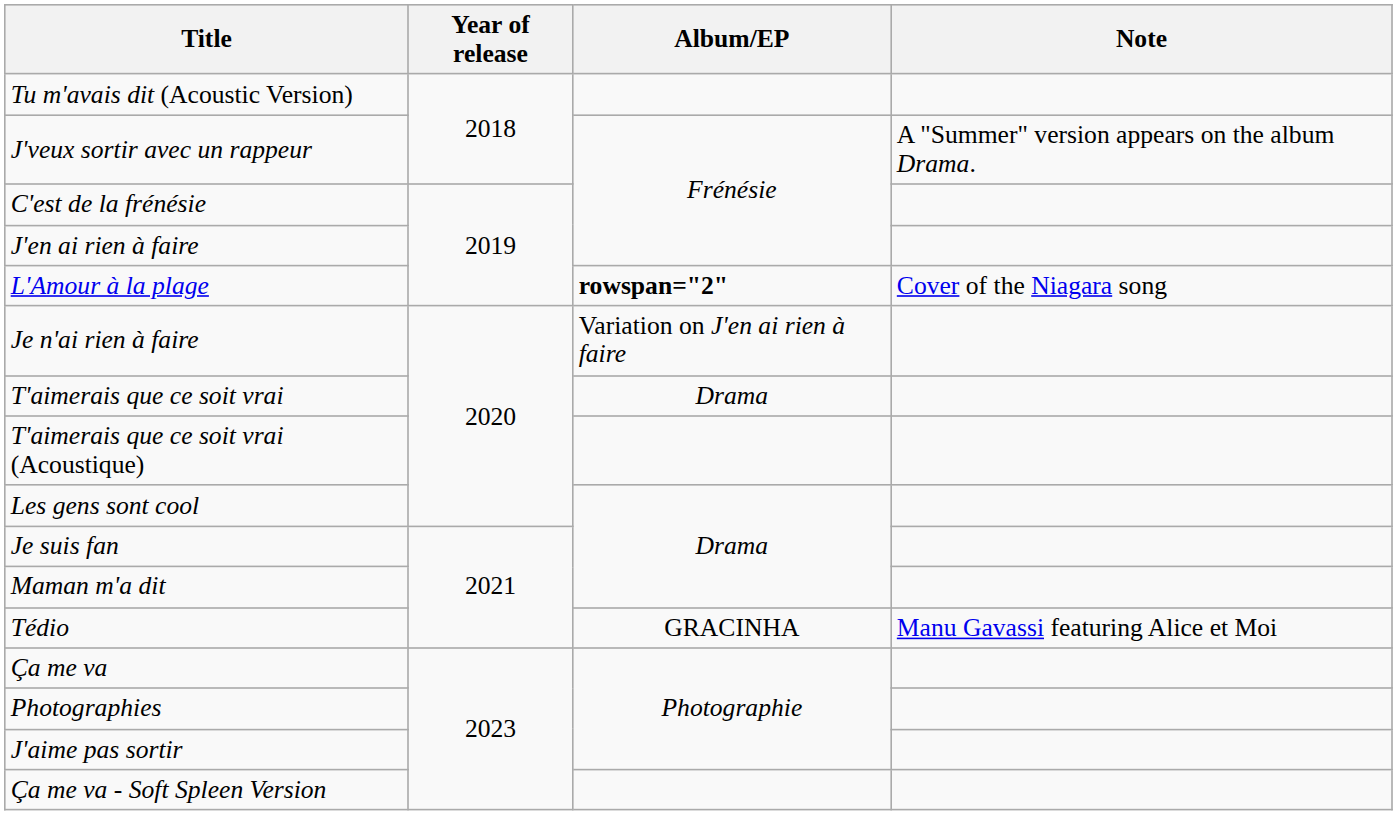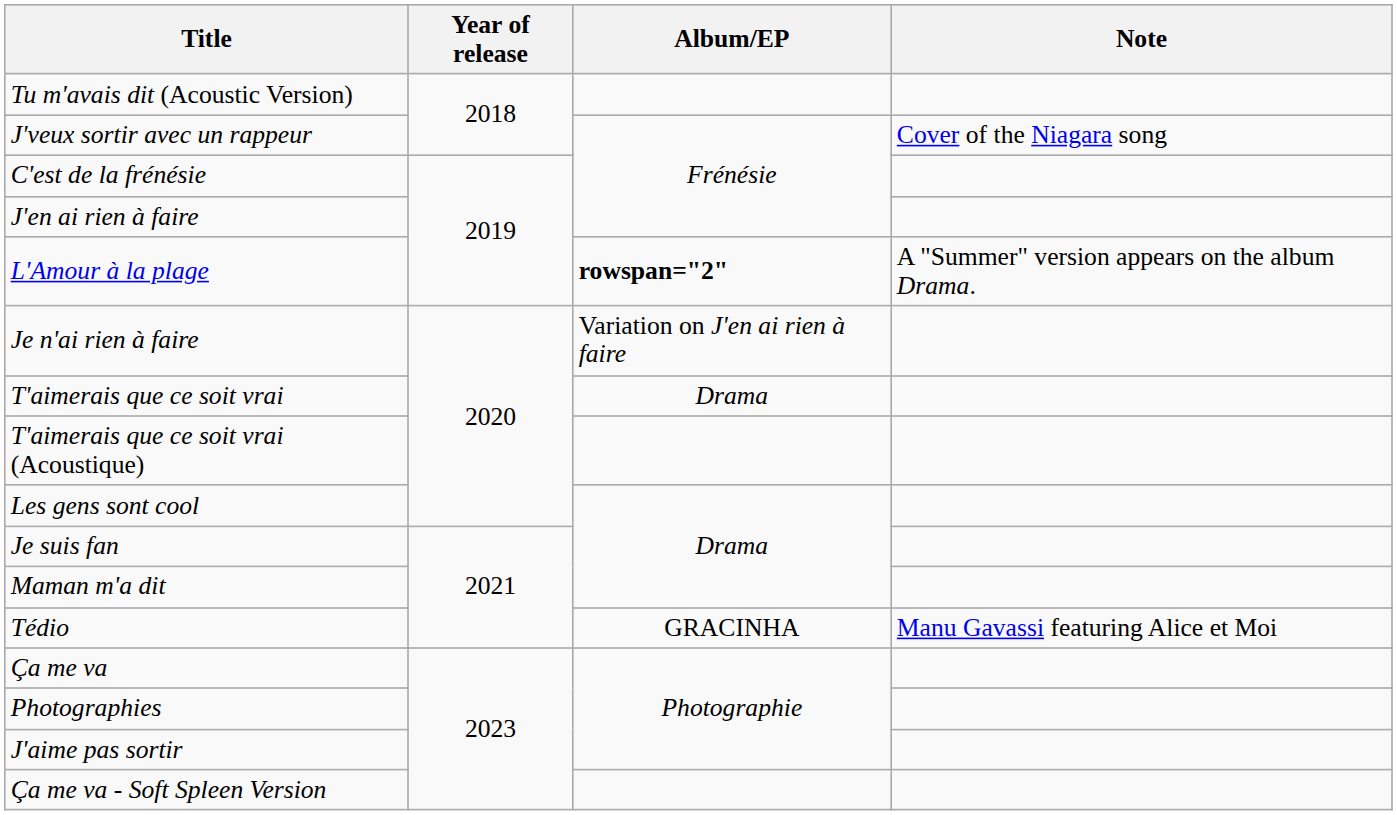 <table class="wikitable">
 <tr>
 <th>Title</th>
 <th>Year of release</th>
 <th>Album/EP</th>
 <th>Note</th>
 </tr>
 <tr>
 <td><em>Tu m'avais dit</em> (Acoustic Version)</td>
 <td rowspan="2" align="center">2018</td>
 <td></td>
 <td></td>
 </tr>
 <tr>
 <td><em>J'veux sortir avec un rappeur</em></td>
 <td rowspan="3" align="center"><em>Frénésie</em></td>
-<td>A "Summer" version appears on the album <em>Drama</em>.</td>
+<td><a href='#'>Cover</a> of the <a href='#'>Niagara</a> song</td>
 </tr>
 <tr>
 <td><em>C'est de la frénésie</em></td>
 <td rowspan="3" align="center">2019</td>
 <td></td>
 </tr>
 <tr>
 <td><em>J'en ai rien à faire</em></td>
 <td></td>
 </tr>
 <tr>
 <td><em><a href='#'>L'Amour à la plage</a></em></td>
 <td><strong>rowspan="2" </strong></td>
-<td><a href='#'>Cover</a> of the <a href='#'>Niagara</a> song</td>
+<td>A "Summer" version appears on the album <em>Drama</em>.</td>
 </tr>
 <tr>
 <td><em>Je n'ai rien à faire</em></td>
 <td rowspan="4" align="center">2020</td>
 <td>Variation on <em>J'en ai rien à faire</em></td>
 </tr>
 <tr>
 <td><em>T'aimerais que ce soit vrai</em></td>
 <td align="center"><em>Drama</em></td>
 <td></td>
 </tr>
 <tr>
 <td><em>T'aimerais que ce soit vrai</em> (Acoustique)</td>
 <td></td>
 <td></td>
 </tr>
 <tr>
 <td><em>Les gens sont cool</em></td>
 <td rowspan="3" align="center"><em>Drama</em></td>
 <td></td>
 </tr>
 <tr>
 <td><em>Je suis fan</em></td>
 <td rowspan="3" align="center">2021</td>
 <td></td>
 </tr>
 <tr>
 <td><em>Maman m'a dit</em></td>
 <td></td>
 </tr>
 <tr>
 <td><em>Tédio</em></td>
 <td align ="center">GRACINHA</td>
 <td><a href='#'>Manu Gavassi</a> featuring Alice et Moi</td>
 </tr>
 <tr>
 <td><em>Ça me va</em></td>
 <td rowspan="4" align="center">2023</td>
 <td rowspan="3" align="center"><em>Photographie</em></td>
 <td></td>
 </tr>
 <tr>
 <td><em>Photographies</em></td>
 <td></td>
 </tr>
 <tr>
 <td><em>J'aime pas sortir</em></td>
 <td></td>
 </tr>
 <tr>
 <td><em>Ça me va - Soft Spleen Version</em></td>
 <td></td>
 <td></td>
 </tr>
 </table>
